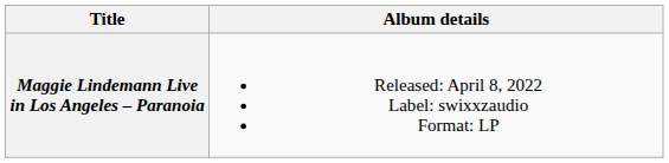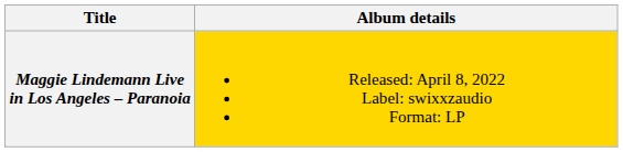 <table class="wikitable plainrowheaders" style="text-align:center;">
 <tr>
 <th scope="col" style="width:11em;">Title</th>
 <th scope="col" style="width:25em;">Album details</th>
 </tr>
 <tr>
 <th scope="row"><em>Maggie Lindemann Live in Los Angeles – Paranoia</em></th>
-<td><br><ul><li>Released: April 8, 2022</li><li>Label: swixxzaudio</li><li>Format: LP</li></ul></td>
+<td style="background: gold;"><br><ul><li>Released: April 8, 2022</li><li>Label: swixxzaudio</li><li>Format: LP</li></ul></td>
 </tr>
 </table>
